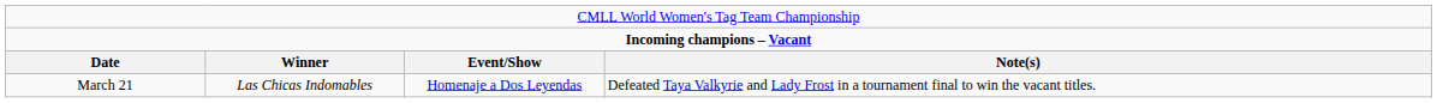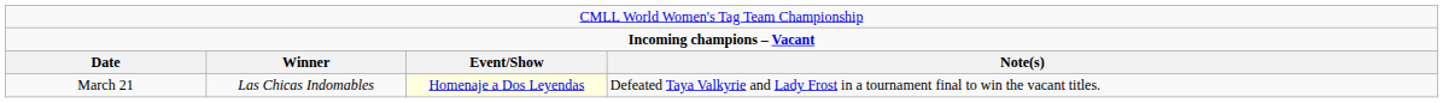 <table class="wikitable" style="text-align:center; width:100%;">
 <tr>
 <td colspan="4" style="text-align: center;"><a href='#'>CMLL World Women's Tag Team Championship</a></td>
 </tr>
 <tr>
 <td colspan="4" style="text-align: center;"><strong>Incoming champions – <a href='#'>Vacant</a></strong></td>
 </tr>
 <tr>
 <th width=14%>Date</th>
 <th width=14%>Winner</th>
 <th width=14%>Event/Show</th>
 <th width=58%>Note(s)</th>
 </tr>
 <tr>
 <td>March 21</td>
 <td><em>Las Chicas Indomables</em><br></td>
-<td><a href='#'>Homenaje a Dos Leyendas</a></td>
+<td style="background: lightyellow;"><a href='#'>Homenaje a Dos Leyendas</a></td>
 <td align=left>Defeated <a href='#'>Taya Valkyrie</a> and <a href='#'>Lady Frost</a> in a tournament final to win the vacant titles.</td>
 </tr>
 </table>
